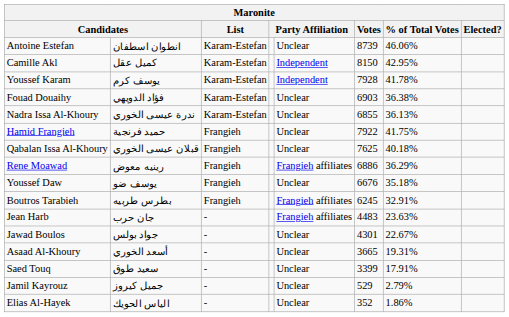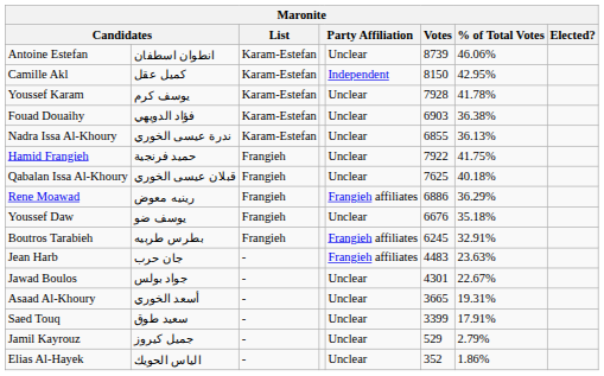 <table class="wikitable sortable">
 <tr>
 <th colspan="8">Maronite</th>
 </tr>
 <tr>
 <th colspan="2">Candidates</th>
 <th>List</th>
 <th colspan="2">Party Affiliation</th>
 <th>Votes</th>
 <th>% of Total Votes</th>
 <th>Elected?</th>
 </tr>
 <tr>
 <td>Antoine Estefan</td>
 <td>انطوان اسطفان</td>
 <td>Karam-Estefan</td>
 <td style="background: "></td>
 <td>Unclear</td>
 <td>8739</td>
 <td>46.06%</td>
 <td></td>
 </tr>
 <tr>
 <td>Camille Akl</td>
 <td>كميل عقل</td>
 <td>Karam-Estefan</td>
 <td style="background: "></td>
 <td><a href='#'>Independent</a></td>
 <td>8150</td>
 <td>42.95%</td>
 <td></td>
 </tr>
 <tr>
 <td>Youssef Karam</td>
 <td>يوسف كرم</td>
 <td>Karam-Estefan</td>
 <td style="background: "></td>
-<td><a href='#'>Independent</a></td>
+<td>Unclear</td>
 <td>7928</td>
 <td>41.78%</td>
 <td></td>
 </tr>
 <tr>
 <td>Fouad Douaihy</td>
 <td>فؤاد الدويهي</td>
 <td>Karam-Estefan</td>
 <td style="background: "></td>
 <td>Unclear</td>
 <td>6903</td>
 <td>36.38%</td>
 <td></td>
 </tr>
 <tr>
 <td>Nadra Issa Al-Khoury</td>
 <td>ندرة عيسى الخوري</td>
 <td>Karam-Estefan</td>
 <td style="background: "></td>
 <td>Unclear</td>
 <td>6855</td>
 <td>36.13%</td>
 <td></td>
 </tr>
 <tr>
 <td><a href='#'>Hamid Frangieh</a></td>
 <td>حميد فرنجية</td>
 <td>Frangieh</td>
 <td style="background: "></td>
 <td>Unclear</td>
 <td>7922</td>
 <td>41.75%</td>
 <td></td>
 </tr>
 <tr>
 <td>Qabalan Issa Al-Khoury</td>
 <td>قبلان عيسى الخوري</td>
 <td>Frangieh</td>
 <td style="background: "></td>
 <td>Unclear</td>
 <td>7625</td>
 <td>40.18%</td>
 <td></td>
 </tr>
 <tr>
 <td><a href='#'>Rene Moawad</a></td>
 <td>رينيه معوض</td>
 <td>Frangieh</td>
 <td style="background: "></td>
 <td><a href='#'>Frangieh</a> affiliates</td>
 <td>6886</td>
 <td>36.29%</td>
 <td></td>
 </tr>
 <tr>
 <td>Youssef Daw</td>
 <td>يوسف ضو</td>
 <td>Frangieh</td>
 <td style="background: "></td>
 <td>Unclear</td>
 <td>6676</td>
 <td>35.18%</td>
 <td></td>
 </tr>
 <tr>
 <td>Boutros Tarabieh</td>
 <td>بطرس طربيه</td>
 <td>Frangieh</td>
 <td style="background: "></td>
 <td><a href='#'>Frangieh</a> affiliates</td>
 <td>6245</td>
 <td>32.91%</td>
 <td></td>
 </tr>
 <tr>
 <td>Jean Harb</td>
 <td>جان حرب</td>
 <td>-</td>
 <td style="background: "></td>
 <td><a href='#'>Frangieh</a> affiliates</td>
 <td>4483</td>
 <td>23.63%</td>
 <td></td>
 </tr>
 <tr>
 <td>Jawad Boulos</td>
 <td>جواد بولس</td>
 <td>-</td>
 <td style="background: "></td>
 <td>Unclear</td>
 <td>4301</td>
 <td>22.67%</td>
 <td></td>
 </tr>
 <tr>
 <td>Asaad Al-Khoury</td>
 <td>أسعد الخوري</td>
 <td>-</td>
 <td style="background: "></td>
 <td>Unclear</td>
 <td>3665</td>
 <td>19.31%</td>
 <td></td>
 </tr>
 <tr>
 <td>Saed Touq</td>
 <td>سعيد طوق</td>
 <td>-</td>
 <td style="background: "></td>
 <td>Unclear</td>
 <td>3399</td>
 <td>17.91%</td>
 <td></td>
 </tr>
 <tr>
 <td>Jamil Kayrouz</td>
 <td>جميل كيروز</td>
 <td>-</td>
 <td style="background: "></td>
 <td>Unclear</td>
 <td>529</td>
 <td>2.79%</td>
 <td></td>
 </tr>
 <tr>
 <td>Elias Al-Hayek</td>
 <td>الياس الحويك</td>
 <td>-</td>
 <td style="background: "></td>
 <td>Unclear</td>
 <td>352</td>
 <td>1.86%</td>
 <td></td>
 </tr>
 </table>
